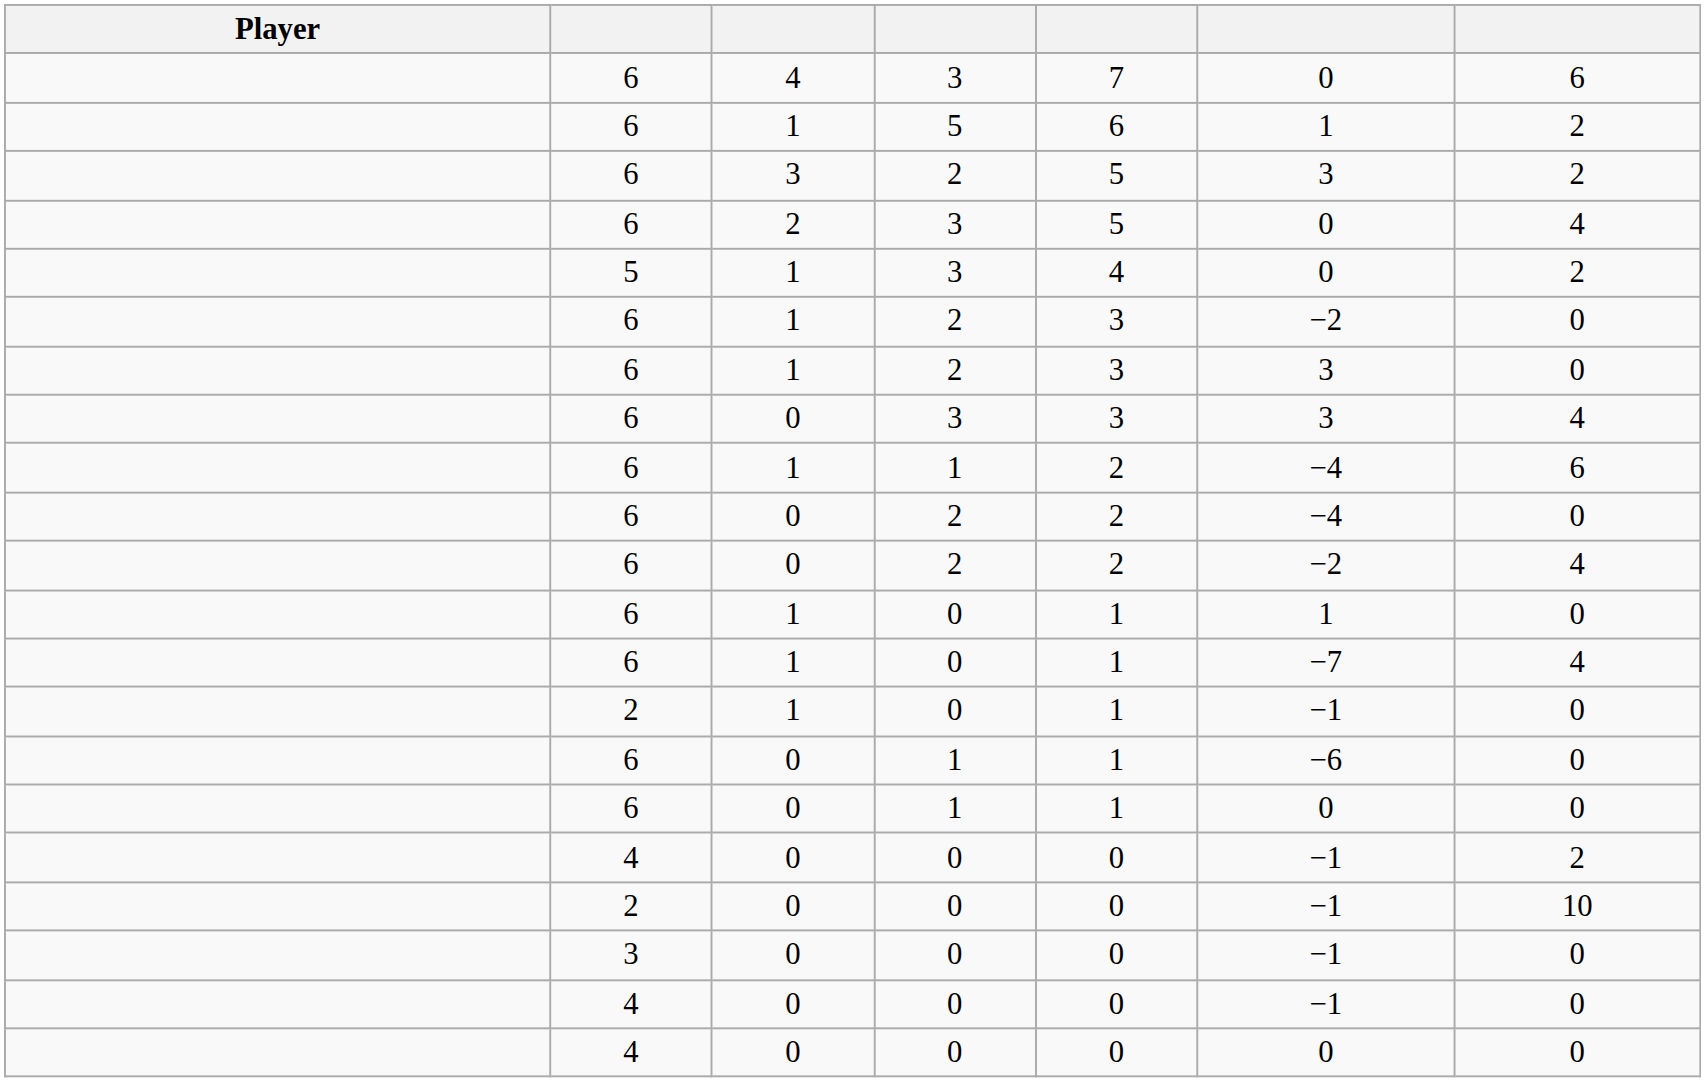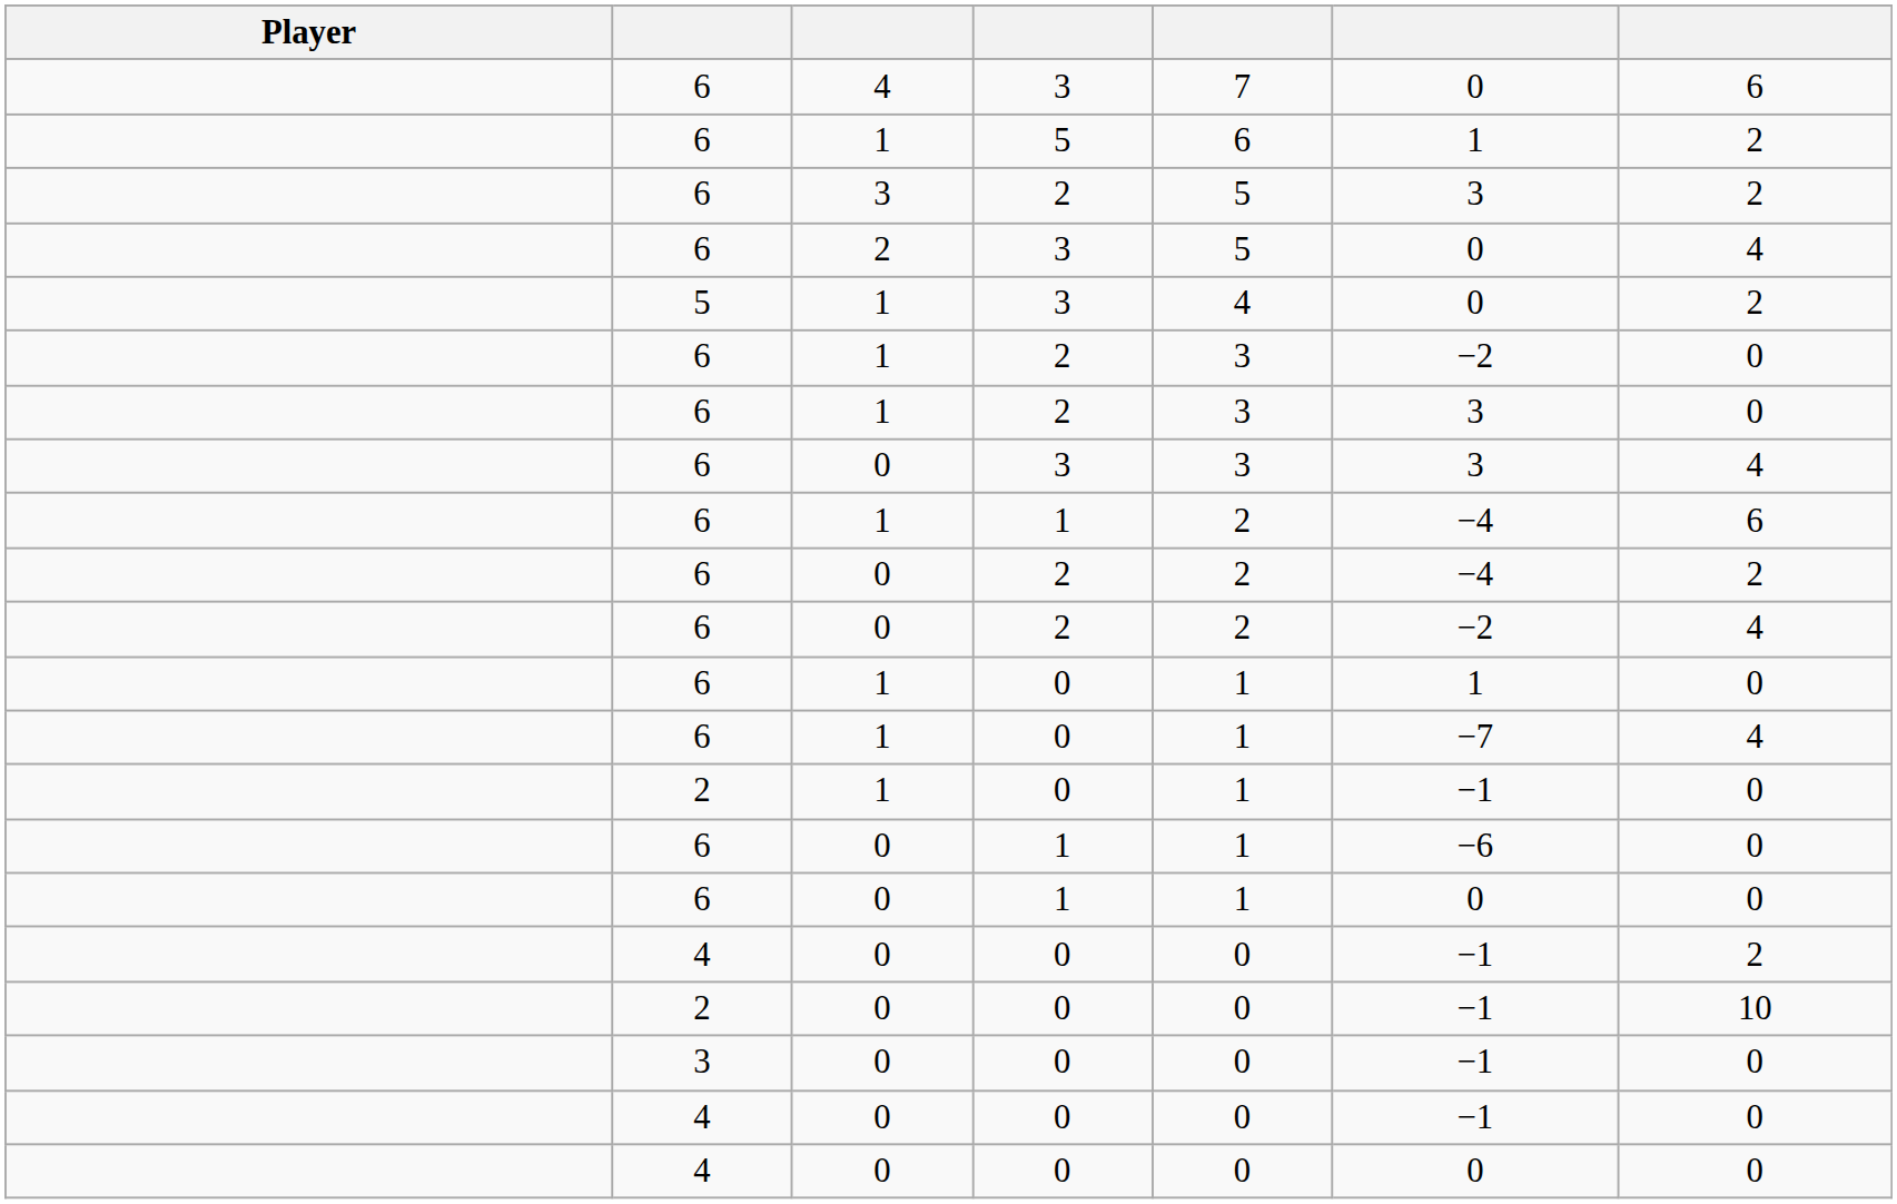 <table class="wikitable sortable" style="width:100%; text-align:center;">
 <tr align=center>
 <th>Player</th>
 <th></th>
 <th></th>
 <th></th>
 <th></th>
 <th data-sort-type="number"></th>
 <th></th>
 </tr>
 <tr>
 <td></td>
 <td>6</td>
 <td>4</td>
 <td>3</td>
 <td>7</td>
 <td>0</td>
 <td>6</td>
 </tr>
 <tr>
 <td></td>
 <td>6</td>
 <td>1</td>
 <td>5</td>
 <td>6</td>
 <td>1</td>
 <td>2</td>
 </tr>
 <tr>
 <td></td>
 <td>6</td>
 <td>3</td>
 <td>2</td>
 <td>5</td>
 <td>3</td>
 <td>2</td>
 </tr>
 <tr>
 <td></td>
 <td>6</td>
 <td>2</td>
 <td>3</td>
 <td>5</td>
 <td>0</td>
 <td>4</td>
 </tr>
 <tr>
 <td></td>
 <td>5</td>
 <td>1</td>
 <td>3</td>
 <td>4</td>
 <td>0</td>
 <td>2</td>
 </tr>
 <tr>
 <td></td>
 <td>6</td>
 <td>1</td>
 <td>2</td>
 <td>3</td>
 <td>−2</td>
 <td>0</td>
 </tr>
 <tr>
 <td></td>
 <td>6</td>
 <td>1</td>
 <td>2</td>
 <td>3</td>
 <td>3</td>
 <td>0</td>
 </tr>
 <tr>
 <td></td>
 <td>6</td>
 <td>0</td>
 <td>3</td>
 <td>3</td>
 <td>3</td>
 <td>4</td>
 </tr>
 <tr>
 <td></td>
 <td>6</td>
 <td>1</td>
 <td>1</td>
 <td>2</td>
 <td>−4</td>
 <td>6</td>
 </tr>
 <tr>
 <td></td>
 <td>6</td>
 <td>0</td>
 <td>2</td>
 <td>2</td>
 <td>−4</td>
-<td>0</td>
+<td>2</td>
 </tr>
 <tr>
 <td></td>
 <td>6</td>
 <td>0</td>
 <td>2</td>
 <td>2</td>
 <td>−2</td>
 <td>4</td>
 </tr>
 <tr>
 <td></td>
 <td>6</td>
 <td>1</td>
 <td>0</td>
 <td>1</td>
 <td>1</td>
 <td>0</td>
 </tr>
 <tr>
 <td></td>
 <td>6</td>
 <td>1</td>
 <td>0</td>
 <td>1</td>
 <td>−7</td>
 <td>4</td>
 </tr>
 <tr>
 <td></td>
 <td>2</td>
 <td>1</td>
 <td>0</td>
 <td>1</td>
 <td>−1</td>
 <td>0</td>
 </tr>
 <tr>
 <td></td>
 <td>6</td>
 <td>0</td>
 <td>1</td>
 <td>1</td>
 <td>−6</td>
 <td>0</td>
 </tr>
 <tr>
 <td></td>
 <td>6</td>
 <td>0</td>
 <td>1</td>
 <td>1</td>
 <td>0</td>
 <td>0</td>
 </tr>
 <tr>
 <td></td>
 <td>4</td>
 <td>0</td>
 <td>0</td>
 <td>0</td>
 <td>−1</td>
 <td>2</td>
 </tr>
 <tr>
 <td></td>
 <td>2</td>
 <td>0</td>
 <td>0</td>
 <td>0</td>
 <td>−1</td>
 <td>10</td>
 </tr>
 <tr>
 <td></td>
 <td>3</td>
 <td>0</td>
 <td>0</td>
 <td>0</td>
 <td>−1</td>
 <td>0</td>
 </tr>
 <tr>
 <td></td>
 <td>4</td>
 <td>0</td>
 <td>0</td>
 <td>0</td>
 <td>−1</td>
 <td>0</td>
 </tr>
 <tr>
 <td></td>
 <td>4</td>
 <td>0</td>
 <td>0</td>
 <td>0</td>
 <td>0</td>
 <td>0</td>
 </tr>
 </table>
